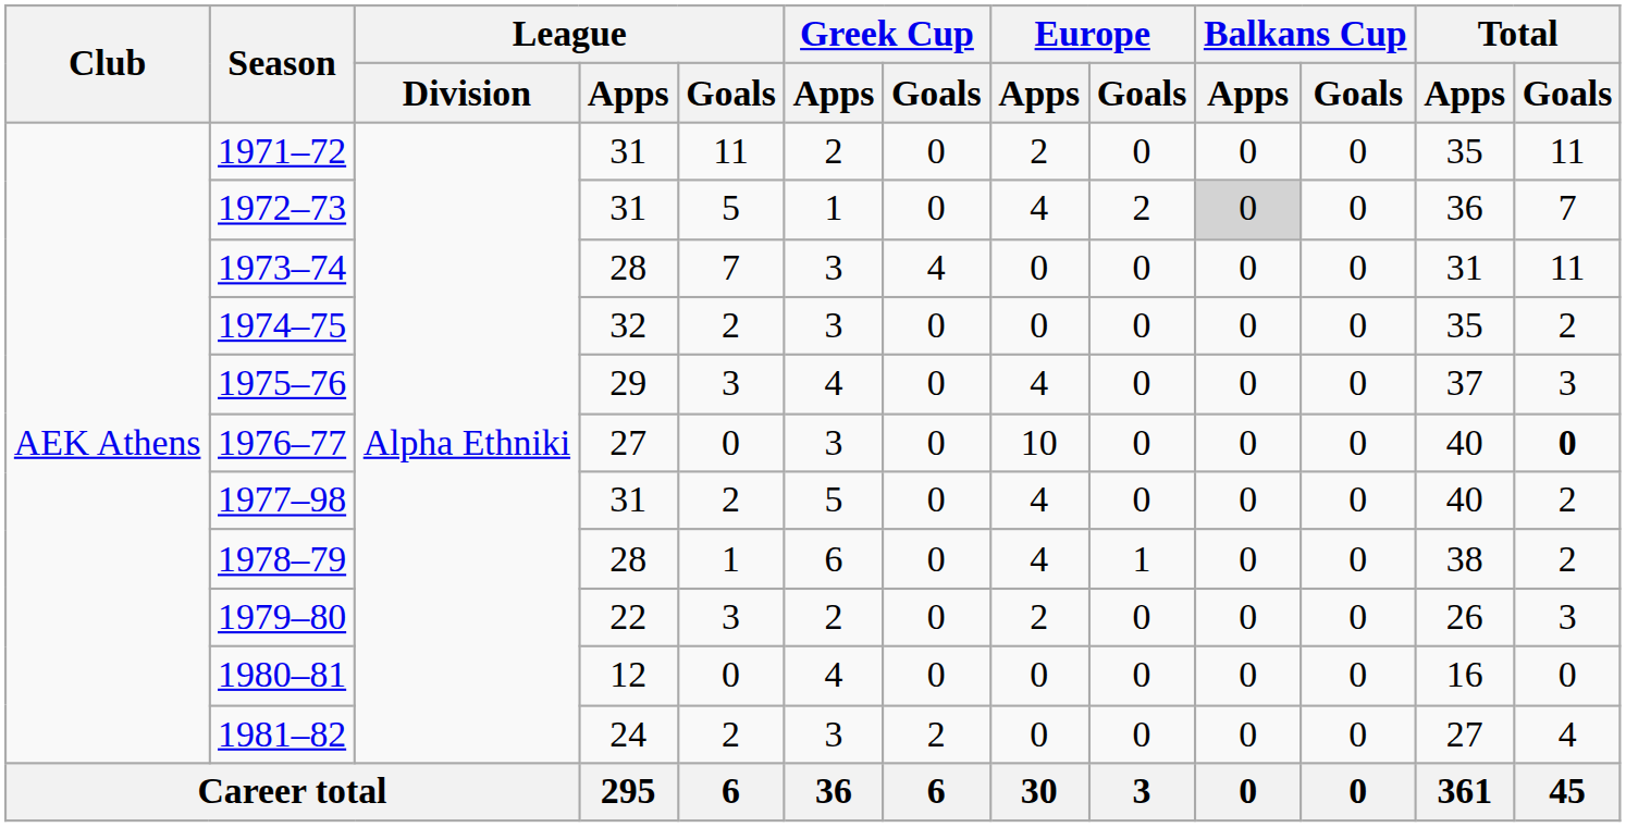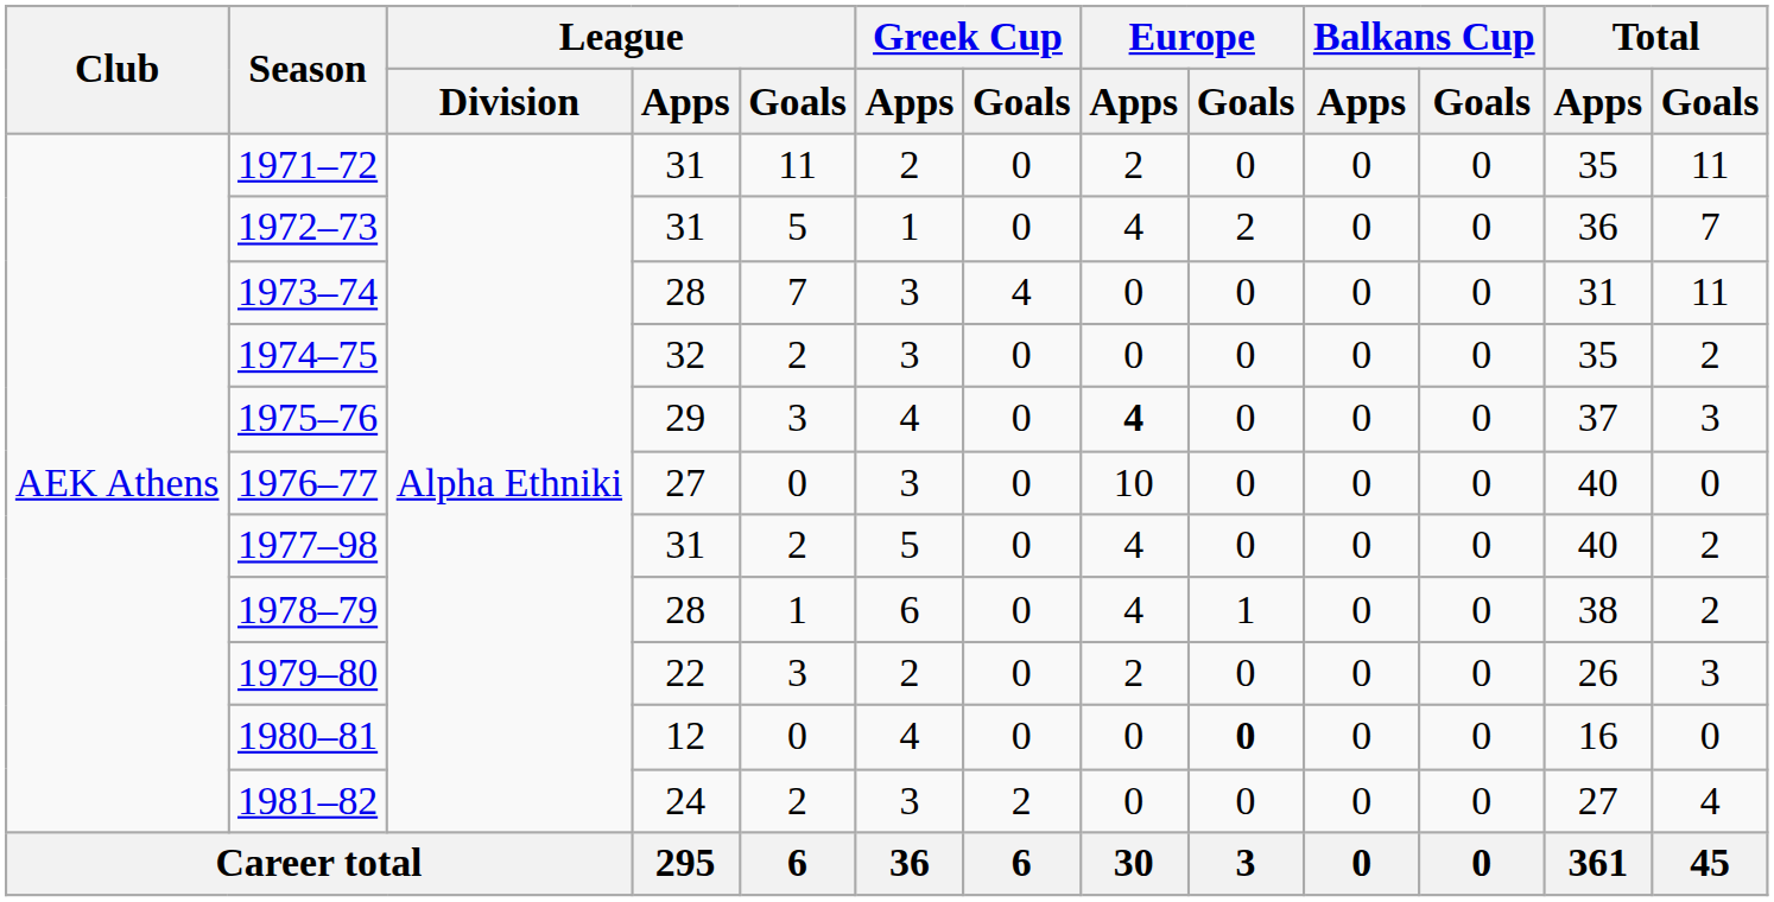 <table class="wikitable" style="text-align:center">
 <tr>
 <th rowspan="2">Club</th>
 <th rowspan="2">Season</th>
 <th colspan="3">League</th>
 <th colspan="2"><a href='#'>Greek Cup</a></th>
 <th colspan="2"><a href='#'>Europe</a></th>
 <th colspan="2"><a href='#'>Balkans Cup</a></th>
 <th colspan="2">Total</th>
 </tr>
 <tr>
 <th>Division</th>
 <th>Apps</th>
 <th>Goals</th>
 <th>Apps</th>
 <th>Goals</th>
 <th>Apps</th>
 <th>Goals</th>
 <th>Apps</th>
 <th>Goals</th>
 <th>Apps</th>
 <th>Goals</th>
 </tr>
 <tr>
 <td rowspan=11><a href='#'>AEK Athens</a></td>
 <td><a href='#'>1971–72</a></td>
 <td rowspan=11><a href='#'>Alpha Ethniki</a></td>
 <td>31</td>
 <td>11</td>
 <td>2</td>
 <td>0</td>
 <td>2</td>
 <td>0</td>
 <td>0</td>
 <td>0</td>
 <td>35</td>
 <td>11</td>
 </tr>
 <tr>
 <td><a href='#'>1972–73</a></td>
 <td>31</td>
 <td>5</td>
 <td>1</td>
 <td>0</td>
 <td>4</td>
 <td>2</td>
-<td style="background: lightgrey;">0</td>
+<td>0</td>
 <td>0</td>
 <td>36</td>
 <td>7</td>
 </tr>
 <tr>
 <td><a href='#'>1973–74</a></td>
 <td>28</td>
 <td>7</td>
 <td>3</td>
 <td>4</td>
 <td>0</td>
 <td>0</td>
 <td>0</td>
 <td>0</td>
 <td>31</td>
 <td>11</td>
 </tr>
 <tr>
 <td><a href='#'>1974–75</a></td>
 <td>32</td>
 <td>2</td>
 <td>3</td>
 <td>0</td>
 <td>0</td>
 <td>0</td>
 <td>0</td>
 <td>0</td>
 <td>35</td>
 <td>2</td>
 </tr>
 <tr>
 <td><a href='#'>1975–76</a></td>
 <td>29</td>
 <td>3</td>
 <td>4</td>
 <td>0</td>
-<td>4</td>
+<td><strong>4</strong></td>
 <td>0</td>
 <td>0</td>
 <td>0</td>
 <td>37</td>
 <td>3</td>
 </tr>
 <tr>
 <td><a href='#'>1976–77</a></td>
 <td>27</td>
 <td>0</td>
 <td>3</td>
 <td>0</td>
 <td>10</td>
 <td>0</td>
 <td>0</td>
 <td>0</td>
 <td>40</td>
-<td><strong>0</strong></td>
+<td>0</td>
 </tr>
 <tr>
 <td><a href='#'>1977–98</a></td>
 <td>31</td>
 <td>2</td>
 <td>5</td>
 <td>0</td>
 <td>4</td>
 <td>0</td>
 <td>0</td>
 <td>0</td>
 <td>40</td>
 <td>2</td>
 </tr>
 <tr>
 <td><a href='#'>1978–79</a></td>
 <td>28</td>
 <td>1</td>
 <td>6</td>
 <td>0</td>
 <td>4</td>
 <td>1</td>
 <td>0</td>
 <td>0</td>
 <td>38</td>
 <td>2</td>
 </tr>
 <tr>
 <td><a href='#'>1979–80</a></td>
 <td>22</td>
 <td>3</td>
 <td>2</td>
 <td>0</td>
 <td>2</td>
 <td>0</td>
 <td>0</td>
 <td>0</td>
 <td>26</td>
 <td>3</td>
 </tr>
 <tr>
 <td><a href='#'>1980–81</a></td>
 <td>12</td>
 <td>0</td>
 <td>4</td>
 <td>0</td>
 <td>0</td>
-<td>0</td>
+<td><strong>0</strong></td>
 <td>0</td>
 <td>0</td>
 <td>16</td>
 <td>0</td>
 </tr>
 <tr>
 <td><a href='#'>1981–82</a></td>
 <td>24</td>
 <td>2</td>
 <td>3</td>
 <td>2</td>
 <td>0</td>
 <td>0</td>
 <td>0</td>
 <td>0</td>
 <td>27</td>
 <td>4</td>
 </tr>
 <tr>
 <th colspan="3">Career total</th>
 <th>295</th>
 <th>6</th>
 <th>36</th>
 <th>6</th>
 <th>30</th>
 <th>3</th>
 <th>0</th>
 <th>0</th>
 <th>361</th>
 <th>45</th>
 </tr>
 </table>
